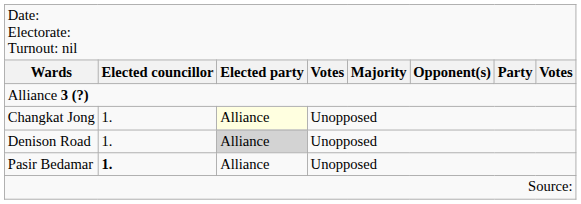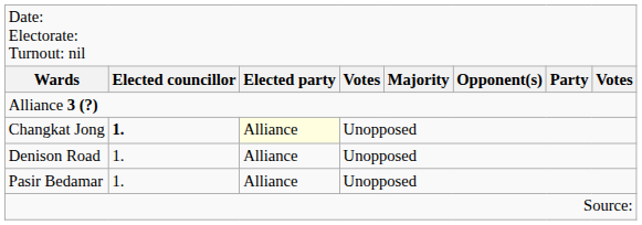 <table class=wikitable>
 <tr>
 <td colspan=8>Date: <br>Electorate: <br>Turnout: nil</td>
 </tr>
 <tr>
 <th>Wards</th>
 <th>Elected councillor</th>
 <th>Elected party</th>
 <th>Votes</th>
 <th>Majority</th>
 <th>Opponent(s)</th>
 <th>Party</th>
 <th>Votes</th>
 </tr>
 <tr>
 <td colspan=8>Alliance <strong>3 (?)</strong> </td>
 </tr>
 <tr>
 <td>Changkat Jong</td>
-<td>1.</td>
+<td><strong>1.</strong></td>
 <td style="background: lightyellow;">Alliance</td>
 <td colspan=5>Unopposed</td>
 </tr>
 <tr>
 <td>Denison Road</td>
 <td>1.</td>
-<td style="background: lightgrey;">Alliance</td>
+<td>Alliance</td>
 <td colspan=5>Unopposed</td>
 </tr>
 <tr>
 <td>Pasir Bedamar</td>
-<td><strong>1.</strong></td>
+<td>1.</td>
 <td>Alliance</td>
 <td colspan=5>Unopposed</td>
 </tr>
 <tr>
 <td colspan="8" style="text-align:right;">Source: </td>
 </tr>
 </table>
